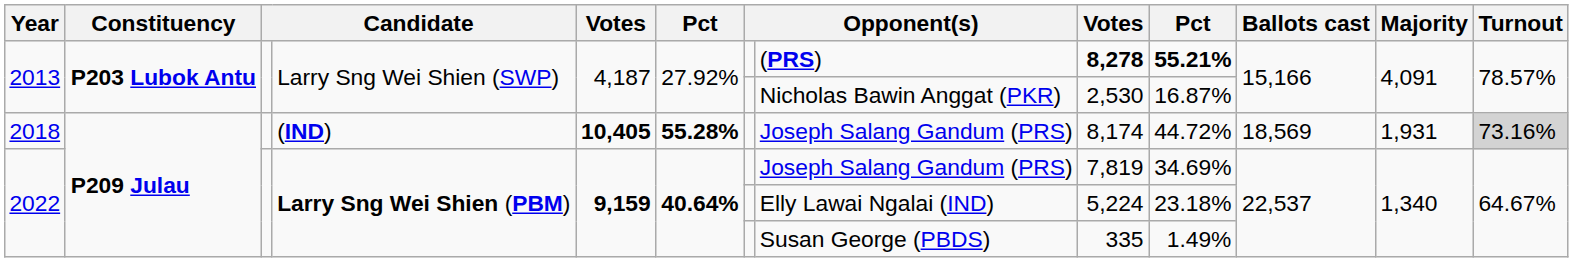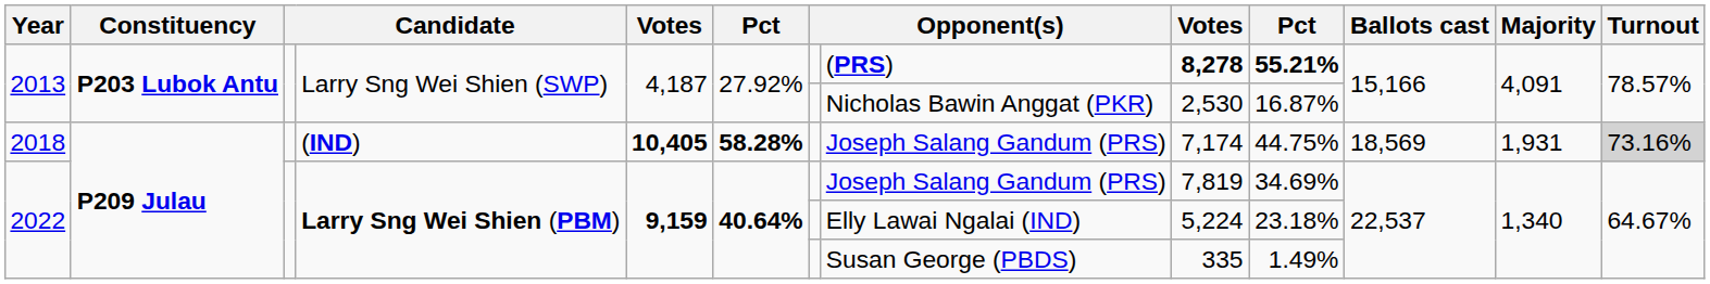 <table class="wikitable" style="margin:0.5em ; font-size:95%">
 <tr>
 <th>Year</th>
 <th>Constituency</th>
 <th colspan=2>Candidate</th>
 <th>Votes</th>
 <th>Pct</th>
 <th colspan=2>Opponent(s)</th>
 <th>Votes</th>
 <th>Pct</th>
 <th>Ballots cast</th>
 <th>Majority</th>
 <th>Turnout</th>
 </tr>
 <tr>
 <td rowspan="2"><a href='#'>2013</a></td>
 <td rowspan="2"><strong>P203 <a href='#'>Lubok Antu</a></strong></td>
 <td rowspan="2" bgcolor=></td>
 <td rowspan="2">Larry Sng Wei Shien (<a href='#'>SWP</a>)</td>
 <td rowspan="2" align="right">4,187</td>
 <td rowspan="2">27.92%</td>
 <td></td>
 <td> (<a href='#'><strong>PRS</strong></a>)</td>
 <td align="right"><strong>8,278</strong></td>
 <td><strong>55.21%</strong></td>
 <td rowspan="2">15,166</td>
 <td rowspan="2">4,091</td>
 <td rowspan="2">78.57%</td>
 </tr>
 <tr>
 <td></td>
 <td>Nicholas Bawin Anggat (<a href='#'>PKR</a>)</td>
 <td align="right">2,530</td>
 <td>16.87%</td>
 </tr>
 <tr>
 <td><a href='#'>2018</a></td>
 <td rowspan="4"><strong>P209 <a href='#'>Julau</a></strong></td>
 <td></td>
 <td> (<a href='#'><strong>IND</strong></a>)</td>
 <td align="right"><strong>10,405</strong></td>
-<td><strong>55.28%</strong></td>
+<td><strong>58.28%</strong></td>
 <td></td>
 <td><a href='#'>Joseph Salang Gandum</a> (<a href='#'>PRS</a>)</td>
-<td align="right">8,174</td>
-<td>44.72%</td>
+<td align="right">7,174</td>
+<td>44.75%</td>
 <td>18,569</td>
 <td>1,931</td>
 <td style="background: lightgrey;">73.16%</td>
 </tr>
 <tr>
 <td rowspan="3"><a href='#'>2022</a></td>
 <td rowspan="3"></td>
 <td rowspan="3"><strong>Larry Sng Wei Shien</strong> (<a href='#'><strong>PBM</strong></a>)</td>
 <td rowspan="3" align=right><strong>9,159</strong></td>
 <td rowspan="3"><strong>40.64%</strong></td>
 <td></td>
 <td><a href='#'>Joseph Salang Gandum</a> (<a href='#'>PRS</a>)</td>
 <td align=right>7,819</td>
 <td>34.69%</td>
 <td rowspan="3">22,537</td>
 <td rowspan="3">1,340</td>
 <td rowspan="3">64.67%</td>
 </tr>
 <tr>
 <td></td>
 <td>Elly Lawai Ngalai (<a href='#'>IND</a>)</td>
 <td align=right>5,224</td>
 <td>23.18%</td>
 </tr>
 <tr>
 <td></td>
 <td>Susan George (<a href='#'>PBDS</a>)</td>
 <td align=right>335</td>
 <td align=right>1.49%</td>
 </tr>
 </table>
